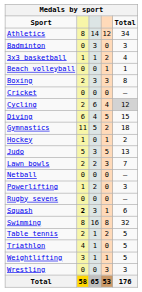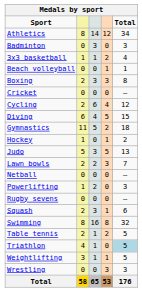 <table class="wikitable" style="font-size:85%;float:right;text-align:center">
 <tr>
 <th colspan=5>Medals by sport</th>
 </tr>
 <tr align=center>
 <td><strong>Sport</strong></td>
 <td bgcolor=#f7f6a8></td>
 <td bgcolor=#dce5e5></td>
 <td bgcolor=#ffdab9></td>
 <td><strong>Total</strong></td>
 </tr>
 <tr align=center>
 <td align=left><a href='#'>Athletics</a></td>
 <td bgcolor=#f7f6a8>8</td>
 <td bgcolor=#dce5e5>14</td>
 <td bgcolor=#ffdab9>12</td>
 <td>34</td>
 </tr>
 <tr align=center>
 <td align=left><a href='#'>Badminton</a></td>
 <td bgcolor=#f7f6a8>0</td>
 <td bgcolor=#dce5e5>3</td>
 <td bgcolor=#ffdab9>0</td>
 <td>3</td>
 </tr>
 <tr align=center>
 <td align=left><a href='#'>3x3 basketball</a></td>
 <td bgcolor=#f7f6a8>1</td>
 <td bgcolor=#dce5e5>1</td>
 <td bgcolor=#ffdab9>2</td>
 <td>4</td>
 </tr>
 <tr align=center>
 <td align=left><a href='#'>Beach volleyball</a></td>
 <td bgcolor=#f7f6a8>0</td>
 <td bgcolor=#dce5e5>0</td>
 <td bgcolor=#ffdab9>1</td>
 <td>1</td>
 </tr>
 <tr align=center>
 <td align=left><a href='#'>Boxing</a></td>
 <td bgcolor=#f7f6a8>2</td>
 <td bgcolor=#dce5e5>3</td>
 <td bgcolor=#ffdab9>3</td>
 <td>8</td>
 </tr>
 <tr align=center>
 <td align=left><a href='#'>Cricket</a></td>
 <td bgcolor=#f7f6a8>0</td>
 <td bgcolor=#dce5e5>0</td>
 <td bgcolor=#ffdab9>0</td>
 <td>–</td>
 </tr>
 <tr align=center>
 <td align=left><a href='#'>Cycling</a></td>
 <td bgcolor=#f7f6a8>2</td>
 <td bgcolor=#dce5e5>6</td>
 <td bgcolor=#ffdab9>4</td>
-<td style="background: lightgrey;">12</td>
+<td>12</td>
 </tr>
 <tr align=center>
 <td align=left><a href='#'>Diving</a></td>
 <td bgcolor=#f7f6a8>6</td>
 <td bgcolor=#dce5e5>4</td>
 <td bgcolor=#ffdab9>5</td>
 <td>15</td>
 </tr>
 <tr align=center>
 <td align=left><a href='#'>Gymnastics</a></td>
 <td bgcolor=#f7f6a8>11</td>
 <td bgcolor=#dce5e5>5</td>
 <td bgcolor=#ffdab9>2</td>
 <td>18</td>
 </tr>
 <tr align=center>
 <td align=left><a href='#'>Hockey</a></td>
 <td bgcolor=#f7f6a8>1</td>
 <td bgcolor=#dce5e5>0</td>
 <td bgcolor=#ffdab9>1</td>
 <td>2</td>
 </tr>
 <tr align=center>
 <td align=left><a href='#'>Judo</a></td>
 <td bgcolor=#f7f6a8>5</td>
 <td bgcolor=#dce5e5>3</td>
 <td bgcolor=#ffdab9>5</td>
 <td>13</td>
 </tr>
 <tr align=center>
 <td align=left><a href='#'>Lawn bowls</a></td>
 <td bgcolor=#f7f6a8>2</td>
 <td bgcolor=#dce5e5>2</td>
 <td bgcolor=#ffdab9>3</td>
 <td>7</td>
 </tr>
 <tr align=center>
 <td align=left><a href='#'>Netball</a></td>
 <td bgcolor=#f7f6a8>0</td>
 <td bgcolor=#dce5e5>0</td>
 <td bgcolor=#ffdab9>0</td>
 <td>–</td>
 </tr>
 <tr align=center>
 <td align=left><a href='#'>Powerlifting</a></td>
 <td bgcolor=#f7f6a8>1</td>
 <td bgcolor=#dce5e5>2</td>
 <td bgcolor=#ffdab9>0</td>
 <td>3</td>
 </tr>
 <tr align=center>
 <td align=left><a href='#'>Rugby sevens</a></td>
 <td bgcolor=#f7f6a8>0</td>
 <td bgcolor=#dce5e5>0</td>
 <td bgcolor=#ffdab9>0</td>
 <td>–</td>
 </tr>
 <tr align=center>
 <td align=left><a href='#'>Squash</a></td>
-<td bgcolor=#f7f6a8><strong>2</strong></td>
+<td bgcolor=#f7f6a8>2</td>
 <td bgcolor=#dce5e5>3</td>
 <td bgcolor=#ffdab9>1</td>
 <td>6</td>
 </tr>
 <tr align=center>
 <td align=left><a href='#'>Swimming</a></td>
 <td bgcolor=#f7f6a8>8</td>
 <td bgcolor=#dce5e5>16</td>
 <td bgcolor=#ffdab9>8</td>
 <td>32</td>
 </tr>
 <tr align=center>
 <td align=left><a href='#'>Table tennis</a></td>
 <td bgcolor=#f7f6a8>2</td>
 <td bgcolor=#dce5e5>1</td>
 <td bgcolor=#ffdab9>2</td>
 <td>5</td>
 </tr>
 <tr align=center>
 <td align=left><a href='#'>Triathlon</a></td>
 <td bgcolor=#f7f6a8>4</td>
 <td bgcolor=#dce5e5>1</td>
 <td bgcolor=#ffdab9>0</td>
-<td>5</td>
+<td style="background: lightblue;">5</td>
 </tr>
 <tr align=center>
 <td align=left><a href='#'>Weightlifting</a></td>
 <td bgcolor=#f7f6a8>3</td>
 <td bgcolor=#dce5e5>1</td>
 <td bgcolor=#ffdab9>1</td>
 <td>5</td>
 </tr>
 <tr align=center>
 <td align=left><a href='#'>Wrestling</a></td>
 <td bgcolor=#f7f6a8>0</td>
 <td bgcolor=#dce5e5>0</td>
 <td bgcolor=#ffdab9>3</td>
 <td>3</td>
 </tr>
 <tr align=center>
 <th bgcolor=#efefef>Total</th>
 <th style="background:gold;">58</th>
 <th style="background:silver;">65</th>
 <th style="background:#c96;">53</th>
 <th>176</th>
 </tr>
 </table>
